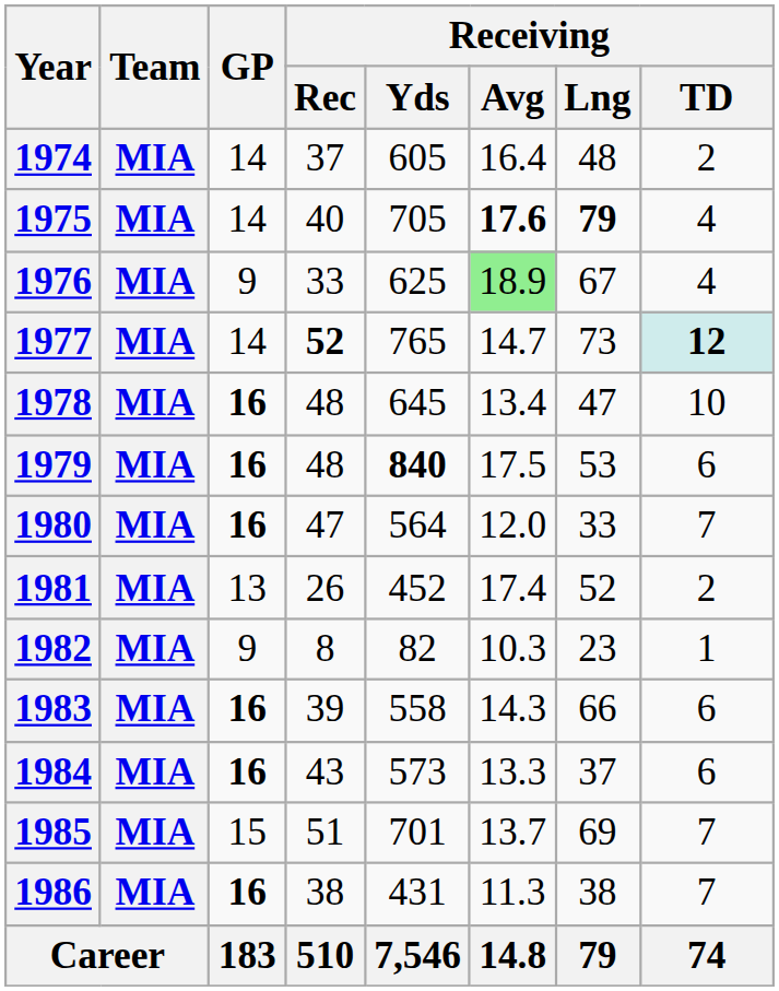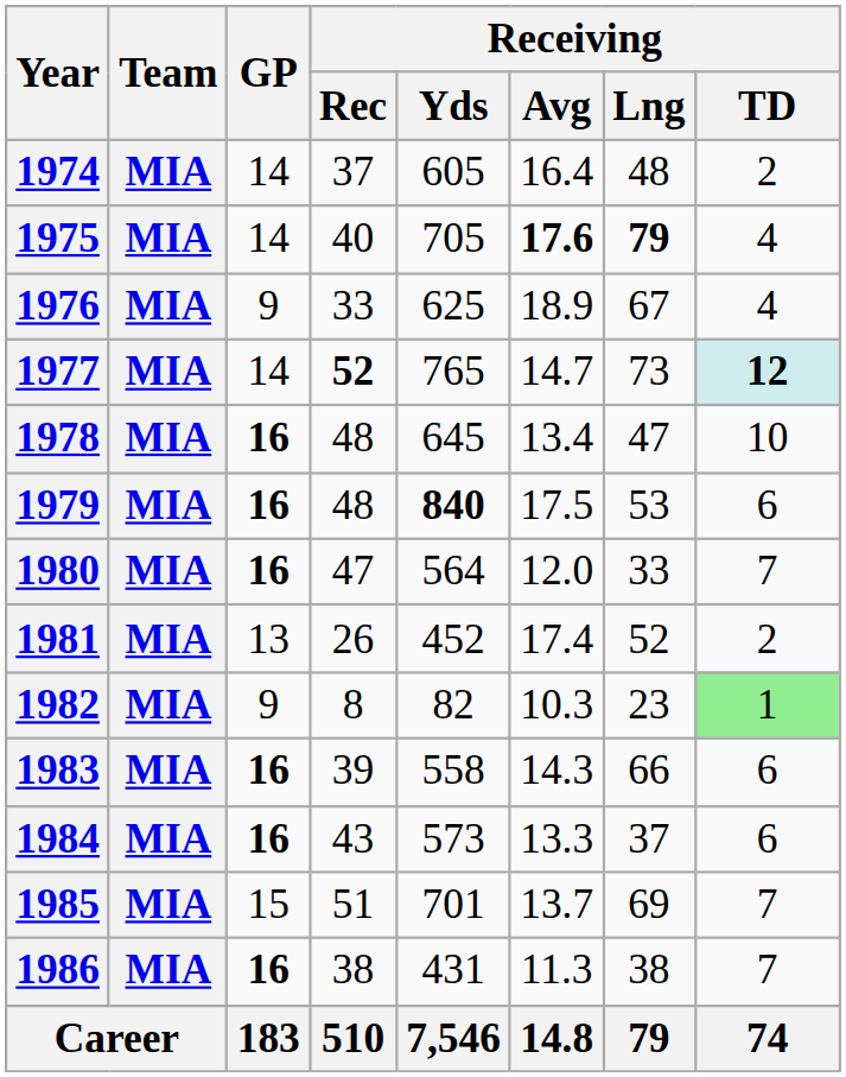 <table class="wikitable" style="text-align:center;">
 <tr>
 <th rowspan="2">Year</th>
 <th rowspan="2">Team</th>
 <th rowspan="2">GP</th>
 <th colspan="5">Receiving</th>
 </tr>
 <tr>
 <th>Rec</th>
 <th>Yds</th>
 <th>Avg</th>
 <th>Lng</th>
 <th>TD</th>
 </tr>
 <tr>
 <th><a href='#'>1974</a></th>
 <th><a href='#'>MIA</a></th>
 <td>14</td>
 <td>37</td>
 <td>605</td>
 <td>16.4</td>
 <td>48</td>
 <td>2</td>
 </tr>
 <tr>
 <th><a href='#'>1975</a></th>
 <th><a href='#'>MIA</a></th>
 <td>14</td>
 <td>40</td>
 <td>705</td>
 <td><strong> 17.6 </strong></td>
 <td><strong> 79 </strong></td>
 <td>4</td>
 </tr>
 <tr>
 <th><a href='#'>1976</a></th>
 <th><a href='#'>MIA</a></th>
 <td>9</td>
 <td>33</td>
 <td>625</td>
-<td style="background: lightgreen;">18.9</td>
+<td>18.9</td>
 <td>67</td>
 <td>4</td>
 </tr>
 <tr>
 <th><a href='#'>1977</a></th>
 <th><a href='#'>MIA</a></th>
 <td>14</td>
 <td><strong> 52 </strong></td>
 <td>765</td>
 <td>14.7</td>
 <td>73</td>
 <td style="background:#cfecec; width:3em;"><strong> 12 </strong></td>
 </tr>
 <tr>
 <th><a href='#'>1978</a></th>
 <th><a href='#'>MIA</a></th>
 <td><strong> 16 </strong></td>
 <td>48</td>
 <td>645</td>
 <td>13.4</td>
 <td>47</td>
 <td>10</td>
 </tr>
 <tr>
 <th><a href='#'>1979</a></th>
 <th><a href='#'>MIA</a></th>
 <td><strong> 16 </strong></td>
 <td>48</td>
 <td><strong> 840 </strong></td>
 <td>17.5</td>
 <td>53</td>
 <td>6</td>
 </tr>
 <tr>
 <th><a href='#'>1980</a></th>
 <th><a href='#'>MIA</a></th>
 <td><strong> 16 </strong></td>
 <td>47</td>
 <td>564</td>
 <td>12.0</td>
 <td>33</td>
 <td>7</td>
 </tr>
 <tr>
 <th><a href='#'>1981</a></th>
 <th><a href='#'>MIA</a></th>
 <td>13</td>
 <td>26</td>
 <td>452</td>
 <td>17.4</td>
 <td>52</td>
 <td>2</td>
 </tr>
 <tr>
 <th><a href='#'>1982</a></th>
 <th><a href='#'>MIA</a></th>
 <td>9</td>
 <td>8</td>
 <td>82</td>
 <td>10.3</td>
 <td>23</td>
-<td>1</td>
+<td style="background: lightgreen;">1</td>
 </tr>
 <tr>
 <th><a href='#'>1983</a></th>
 <th><a href='#'>MIA</a></th>
 <td><strong> 16 </strong></td>
 <td>39</td>
 <td>558</td>
 <td>14.3</td>
 <td>66</td>
 <td>6</td>
 </tr>
 <tr>
 <th><a href='#'>1984</a></th>
 <th><a href='#'>MIA</a></th>
 <td><strong> 16 </strong></td>
 <td>43</td>
 <td>573</td>
 <td>13.3</td>
 <td>37</td>
 <td>6</td>
 </tr>
 <tr>
 <th><a href='#'>1985</a></th>
 <th><a href='#'>MIA</a></th>
 <td>15</td>
 <td>51</td>
 <td>701</td>
 <td>13.7</td>
 <td>69</td>
 <td>7</td>
 </tr>
 <tr>
 <th><a href='#'>1986</a></th>
 <th><a href='#'>MIA</a></th>
 <td><strong> 16 </strong></td>
 <td>38</td>
 <td>431</td>
 <td>11.3</td>
 <td>38</td>
 <td>7</td>
 </tr>
 <tr>
 <th colspan="2">Career</th>
 <th>183</th>
 <th>510</th>
 <th>7,546</th>
 <th>14.8</th>
 <th>79</th>
 <th>74</th>
 </tr>
 </table>
